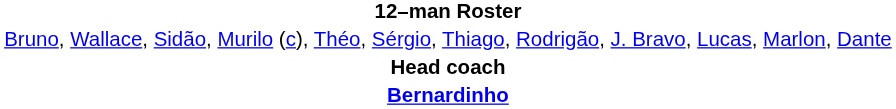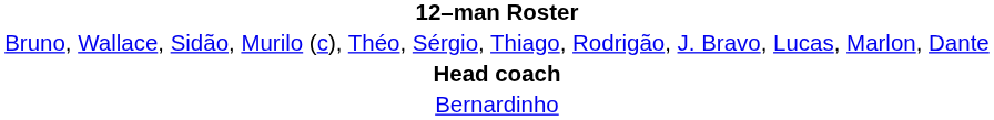 <table style="text-align: center; margin-top: 2em; margin-left: auto; margin-right: auto">
 <tr>
 <td><strong>12–man Roster</strong></td>
 </tr>
 <tr>
 <td><a href='#'>Bruno</a>, <a href='#'>Wallace</a>, <a href='#'>Sidão</a>, <a href='#'>Murilo</a> (<a href='#'>c</a>), <a href='#'>Théo</a>, <a href='#'>Sérgio</a>, <a href='#'>Thiago</a>, <a href='#'>Rodrigão</a>, <a href='#'>J. Bravo</a>, <a href='#'>Lucas</a>, <a href='#'>Marlon</a>, <a href='#'>Dante</a></td>
 </tr>
 <tr>
 <td><strong>Head coach</strong></td>
 </tr>
 <tr>
-<td><strong><a href='#'>Bernardinho</a></strong></td>
+<td><a href='#'>Bernardinho</a></td>
 </tr>
 </table>
